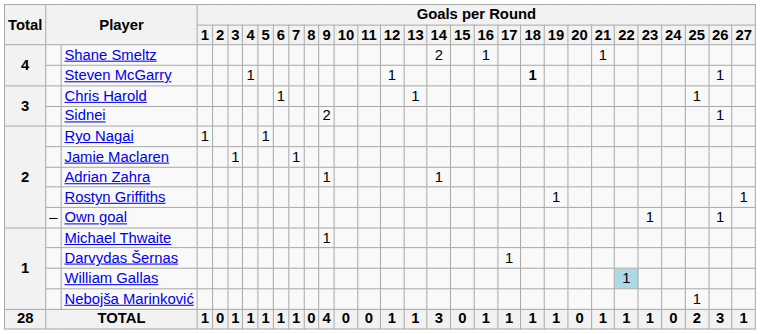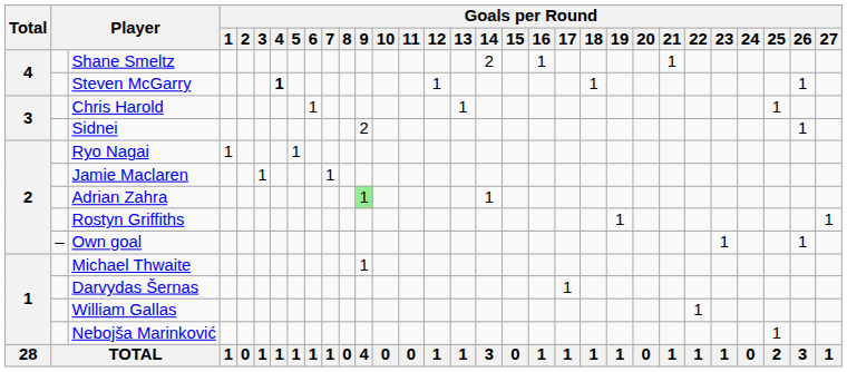 <table class="wikitable" style="text-align:center; line-height: 90%; font-size:90%;">
 <tr>
 <th rowspan=2>Total</th>
 <th rowspan=2 colspan=2>Player</th>
 <th colspan="27">Goals per Round</th>
 </tr>
 <tr>
 <th>1</th>
 <th>2</th>
 <th>3</th>
 <th>4</th>
 <th>5</th>
 <th>6</th>
 <th>7</th>
 <th>8</th>
 <th>9</th>
 <th>10</th>
 <th>11</th>
 <th>12</th>
 <th>13</th>
 <th>14</th>
 <th>15</th>
 <th>16</th>
 <th>17</th>
 <th>18</th>
 <th>19</th>
 <th>20</th>
 <th>21</th>
 <th>22</th>
 <th>23</th>
 <th>24</th>
 <th>25</th>
 <th>26</th>
 <th>27</th>
 </tr>
 <tr>
 <th rowspan=2>4</th>
 <td></td>
 <td style="text-align:left;"><a href='#'>Shane Smeltz</a></td>
 <td></td>
 <td></td>
 <td></td>
 <td></td>
 <td></td>
 <td></td>
 <td></td>
 <td></td>
 <td></td>
 <td></td>
 <td></td>
 <td></td>
 <td></td>
 <td>2</td>
 <td></td>
 <td>1</td>
 <td></td>
 <td></td>
 <td></td>
 <td></td>
 <td>1</td>
 <td></td>
 <td></td>
 <td></td>
 <td></td>
 <td></td>
 <td></td>
 </tr>
 <tr>
 <td></td>
 <td style="text-align:left;"><a href='#'>Steven McGarry</a></td>
 <td></td>
 <td></td>
 <td></td>
-<td>1</td>
+<td><strong>1</strong></td>
 <td></td>
 <td></td>
 <td></td>
 <td></td>
 <td></td>
 <td></td>
 <td></td>
 <td>1</td>
 <td></td>
 <td></td>
 <td></td>
 <td></td>
 <td></td>
-<td><strong>1</strong></td>
+<td>1</td>
 <td></td>
 <td></td>
 <td></td>
 <td></td>
 <td></td>
 <td></td>
 <td></td>
 <td>1</td>
 <td></td>
 </tr>
 <tr>
 <th rowspan=2>3</th>
 <td></td>
 <td style="text-align:left;"><a href='#'>Chris Harold</a></td>
 <td></td>
 <td></td>
 <td></td>
 <td></td>
 <td></td>
 <td>1</td>
 <td></td>
 <td></td>
 <td></td>
 <td></td>
 <td></td>
 <td></td>
 <td>1</td>
 <td></td>
 <td></td>
 <td></td>
 <td></td>
 <td></td>
 <td></td>
 <td></td>
 <td></td>
 <td></td>
 <td></td>
 <td></td>
 <td>1</td>
 <td></td>
 <td></td>
 </tr>
 <tr>
 <td></td>
 <td style="text-align:left;"><a href='#'>Sidnei</a></td>
 <td></td>
 <td></td>
 <td></td>
 <td></td>
 <td></td>
 <td></td>
 <td></td>
 <td></td>
 <td>2</td>
 <td></td>
 <td></td>
 <td></td>
 <td></td>
 <td></td>
 <td></td>
 <td></td>
 <td></td>
 <td></td>
 <td></td>
 <td></td>
 <td></td>
 <td></td>
 <td></td>
 <td></td>
 <td></td>
 <td>1</td>
 <td></td>
 </tr>
 <tr>
 <th rowspan=5>2</th>
 <td></td>
 <td style="text-align:left;"><a href='#'>Ryo Nagai</a></td>
 <td>1</td>
 <td></td>
 <td></td>
 <td></td>
 <td>1</td>
 <td></td>
 <td></td>
 <td></td>
 <td></td>
 <td></td>
 <td></td>
 <td></td>
 <td></td>
 <td></td>
 <td></td>
 <td></td>
 <td></td>
 <td></td>
 <td></td>
 <td></td>
 <td></td>
 <td></td>
 <td></td>
 <td></td>
 <td></td>
 <td></td>
 <td></td>
 </tr>
 <tr>
 <td></td>
 <td style="text-align:left;"><a href='#'>Jamie Maclaren</a></td>
 <td></td>
 <td></td>
 <td>1</td>
 <td></td>
 <td></td>
 <td></td>
 <td>1</td>
 <td></td>
 <td></td>
 <td></td>
 <td></td>
 <td></td>
 <td></td>
 <td></td>
 <td></td>
 <td></td>
 <td></td>
 <td></td>
 <td></td>
 <td></td>
 <td></td>
 <td></td>
 <td></td>
 <td></td>
 <td></td>
 <td></td>
 <td></td>
 </tr>
 <tr>
 <td></td>
 <td style="text-align:left;"><a href='#'>Adrian Zahra</a></td>
 <td></td>
 <td></td>
 <td></td>
 <td></td>
 <td></td>
 <td></td>
 <td></td>
 <td></td>
-<td>1</td>
+<td style="background: lightgreen;">1</td>
 <td></td>
 <td></td>
 <td></td>
 <td></td>
 <td>1</td>
 <td></td>
 <td></td>
 <td></td>
 <td></td>
 <td></td>
 <td></td>
 <td></td>
 <td></td>
 <td></td>
 <td></td>
 <td></td>
 <td></td>
 <td></td>
 </tr>
 <tr>
 <td></td>
 <td style="text-align:left;"><a href='#'>Rostyn Griffiths</a></td>
 <td></td>
 <td></td>
 <td></td>
 <td></td>
 <td></td>
 <td></td>
 <td></td>
 <td></td>
 <td></td>
 <td></td>
 <td></td>
 <td></td>
 <td></td>
 <td></td>
 <td></td>
 <td></td>
 <td></td>
 <td></td>
 <td>1</td>
 <td></td>
 <td></td>
 <td></td>
 <td></td>
 <td></td>
 <td></td>
 <td></td>
 <td>1</td>
 </tr>
 <tr>
 <td>–</td>
 <td style="text-align:left;"><a href='#'>Own goal</a></td>
 <td></td>
 <td></td>
 <td></td>
 <td></td>
 <td></td>
 <td></td>
 <td></td>
 <td></td>
 <td></td>
 <td></td>
 <td></td>
 <td></td>
 <td></td>
 <td></td>
 <td></td>
 <td></td>
 <td></td>
 <td></td>
 <td></td>
 <td></td>
 <td></td>
 <td></td>
 <td>1</td>
 <td></td>
 <td></td>
 <td>1</td>
 <td></td>
 </tr>
 <tr>
 <th rowspan=4>1</th>
 <td></td>
 <td style="text-align:left;"><a href='#'>Michael Thwaite</a></td>
 <td></td>
 <td></td>
 <td></td>
 <td></td>
 <td></td>
 <td></td>
 <td></td>
 <td></td>
 <td>1</td>
 <td></td>
 <td></td>
 <td></td>
 <td></td>
 <td></td>
 <td></td>
 <td></td>
 <td></td>
 <td></td>
 <td></td>
 <td></td>
 <td></td>
 <td></td>
 <td></td>
 <td></td>
 <td></td>
 <td></td>
 <td></td>
 </tr>
 <tr>
 <td></td>
 <td style="text-align:left;"><a href='#'>Darvydas Šernas</a></td>
 <td></td>
 <td></td>
 <td></td>
 <td></td>
 <td></td>
 <td></td>
 <td></td>
 <td></td>
 <td></td>
 <td></td>
 <td></td>
 <td></td>
 <td></td>
 <td></td>
 <td></td>
 <td></td>
 <td>1</td>
 <td></td>
 <td></td>
 <td></td>
 <td></td>
 <td></td>
 <td></td>
 <td></td>
 <td></td>
 <td></td>
 <td></td>
 </tr>
 <tr>
 <td></td>
 <td style="text-align:left;"><a href='#'>William Gallas</a></td>
 <td></td>
 <td></td>
 <td></td>
 <td></td>
 <td></td>
 <td></td>
 <td></td>
 <td></td>
 <td></td>
 <td></td>
 <td></td>
 <td></td>
 <td></td>
 <td></td>
 <td></td>
 <td></td>
 <td></td>
 <td></td>
 <td></td>
 <td></td>
 <td></td>
-<td style="background: lightblue;">1</td>
+<td>1</td>
 <td></td>
 <td></td>
 <td></td>
 <td></td>
 <td></td>
 </tr>
 <tr>
 <td></td>
 <td style="text-align:left;"><a href='#'>Nebojša Marinković</a></td>
 <td></td>
 <td></td>
 <td></td>
 <td></td>
 <td></td>
 <td></td>
 <td></td>
 <td></td>
 <td></td>
 <td></td>
 <td></td>
 <td></td>
 <td></td>
 <td></td>
 <td></td>
 <td></td>
 <td></td>
 <td></td>
 <td></td>
 <td></td>
 <td></td>
 <td></td>
 <td></td>
 <td></td>
 <td>1</td>
 <td></td>
 <td></td>
 </tr>
 <tr>
 <th rowspan=1>28</th>
 <th colspan=2>TOTAL</th>
 <th style="text-align:center;">1</th>
 <th>0</th>
 <th>1</th>
 <th>1</th>
 <th>1</th>
 <th>1</th>
 <th>1</th>
 <th>0</th>
 <th>4</th>
 <th>0</th>
 <th>0</th>
 <th>1</th>
 <th>1</th>
 <th>3</th>
 <th>0</th>
 <th>1</th>
 <th>1</th>
 <th>1</th>
 <th>1</th>
 <th>0</th>
 <th>1</th>
 <th>1</th>
 <th>1</th>
 <th>0</th>
 <th>2</th>
 <th>3</th>
 <th>1</th>
 </tr>
 </table>
